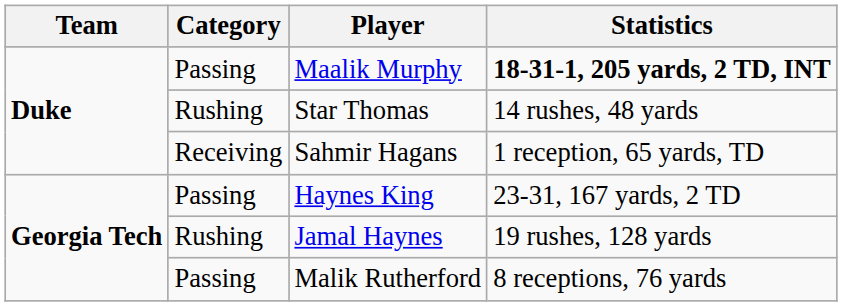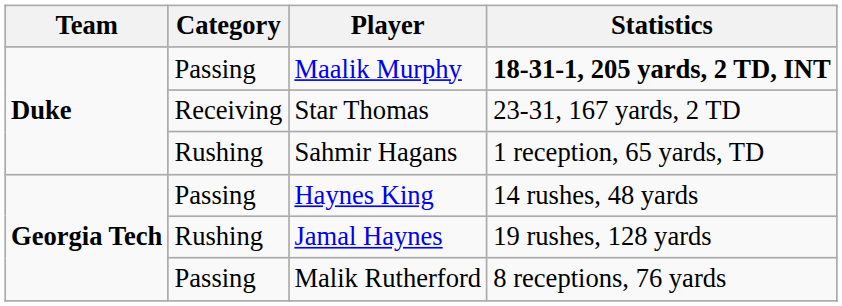 <table class="wikitable" style="float: right;">
 <tr>
 <th>Team</th>
 <th>Category</th>
 <th>Player</th>
 <th>Statistics</th>
 </tr>
 <tr>
 <td rowspan=3><strong>Duke</strong></td>
 <td>Passing</td>
 <td><a href='#'>Maalik Murphy</a></td>
 <td><strong>18-31-1, 205 yards, 2 TD, INT</strong></td>
 </tr>
 <tr>
-<td>Rushing</td>
+<td>Receiving</td>
 <td>Star Thomas</td>
-<td>14 rushes, 48 yards</td>
+<td>23-31, 167 yards, 2 TD</td>
 </tr>
 <tr>
-<td>Receiving</td>
+<td>Rushing</td>
 <td>Sahmir Hagans</td>
 <td>1 reception, 65 yards, TD</td>
 </tr>
 <tr>
 <td rowspan=3><strong>Georgia Tech</strong></td>
 <td>Passing</td>
 <td><a href='#'>Haynes King</a></td>
-<td>23-31, 167 yards, 2 TD</td>
+<td>14 rushes, 48 yards</td>
 </tr>
 <tr>
 <td>Rushing</td>
 <td><a href='#'>Jamal Haynes</a></td>
 <td>19 rushes, 128 yards</td>
 </tr>
 <tr>
 <td>Passing</td>
 <td>Malik Rutherford</td>
 <td>8 receptions, 76 yards</td>
 </tr>
 </table>
